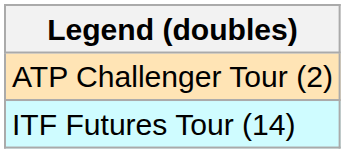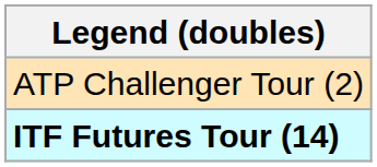 <table class=wikitable style=font-size:95%>
 <tr>
 <th>Legend (doubles)</th>
 </tr>
 <tr style="background:moccasin;">
 <td>ATP Challenger Tour (2)</td>
 </tr>
 <tr style="background:#cffcff;">
-<td>ITF Futures Tour (14)</td>
+<td><strong>ITF Futures Tour (14)</strong></td>
 </tr>
 </table>
